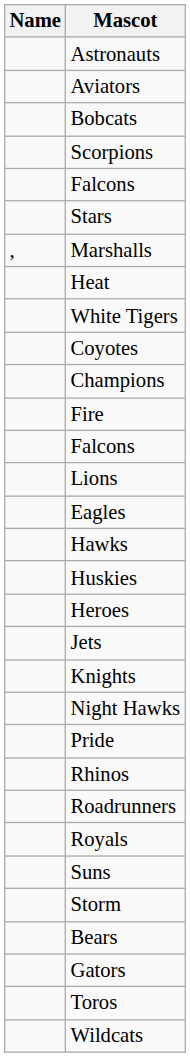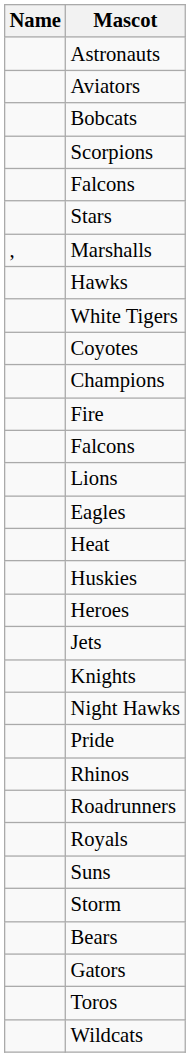 <table class="wikitable">
 <tr>
 <th><strong>Name</strong></th>
 <th><strong>Mascot</strong></th>
 </tr>
 <tr>
 <td></td>
 <td>Astronauts</td>
 </tr>
 <tr>
 <td></td>
 <td>Aviators</td>
 </tr>
 <tr>
 <td></td>
 <td>Bobcats</td>
 </tr>
 <tr>
 <td></td>
 <td>Scorpions</td>
 </tr>
 <tr>
 <td></td>
 <td>Falcons</td>
 </tr>
 <tr>
 <td></td>
 <td>Stars</td>
 </tr>
 <tr>
 <td>,<br></td>
 <td>Marshalls</td>
 </tr>
 <tr>
 <td></td>
-<td>Heat</td>
+<td>Hawks</td>
 </tr>
 <tr>
 <td></td>
 <td>White Tigers</td>
 </tr>
 <tr>
 <td></td>
 <td>Coyotes</td>
 </tr>
 <tr>
 <td></td>
 <td>Champions</td>
 </tr>
 <tr>
 <td></td>
 <td>Fire</td>
 </tr>
 <tr>
 <td></td>
 <td>Falcons</td>
 </tr>
 <tr>
 <td></td>
 <td>Lions</td>
 </tr>
 <tr>
 <td></td>
 <td>Eagles</td>
 </tr>
 <tr>
 <td></td>
-<td>Hawks</td>
+<td>Heat</td>
 </tr>
 <tr>
 <td></td>
 <td>Huskies</td>
 </tr>
 <tr>
 <td></td>
 <td>Heroes</td>
 </tr>
 <tr>
 <td></td>
 <td>Jets</td>
 </tr>
 <tr>
 <td></td>
 <td>Knights</td>
 </tr>
 <tr>
 <td></td>
 <td>Night Hawks</td>
 </tr>
 <tr>
 <td></td>
 <td>Pride</td>
 </tr>
 <tr>
 <td></td>
 <td>Rhinos</td>
 </tr>
 <tr>
 <td></td>
 <td>Roadrunners</td>
 </tr>
 <tr>
 <td></td>
 <td>Royals</td>
 </tr>
 <tr>
 <td></td>
 <td>Suns</td>
 </tr>
 <tr>
 <td></td>
 <td>Storm</td>
 </tr>
 <tr>
 <td></td>
 <td>Bears</td>
 </tr>
 <tr>
 <td></td>
 <td>Gators</td>
 </tr>
 <tr>
 <td></td>
 <td>Toros</td>
 </tr>
 <tr>
 <td></td>
 <td>Wildcats</td>
 </tr>
 </table>
